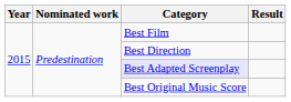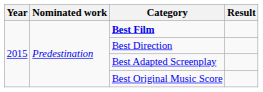 <table class="wikitable">
 <tr>
 <th>Year</th>
 <th>Nominated work</th>
 <th>Category</th>
 <th>Result</th>
 </tr>
 <tr>
 <td rowspan="4"><a href='#'>2015</a></td>
 <td rowspan="4"><em><a href='#'>Predestination</a></em></td>
-<td><a href='#'>Best Film</a></td>
+<td><strong><a href='#'>Best Film</a></strong></td>
 <td></td>
 </tr>
 <tr>
 <td><a href='#'>Best Direction</a></td>
 <td></td>
 </tr>
 <tr>
-<td style="background: lavender;"><a href='#'>Best Adapted Screenplay</a></td>
+<td><a href='#'>Best Adapted Screenplay</a></td>
 <td></td>
 </tr>
 <tr>
 <td><a href='#'>Best Original Music Score</a></td>
 <td></td>
 </tr>
 </table>
